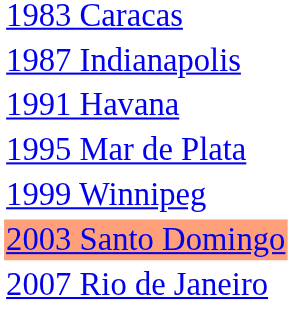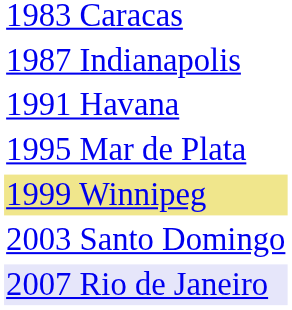 <table>
 <tr>
 <td><a href='#'>1983 Caracas</a></td>
 <td></td>
 <td></td>
 <td></td>
 </tr>
 <tr>
 <td><a href='#'>1987 Indianapolis</a></td>
 <td></td>
 <td></td>
 <td></td>
 </tr>
 <tr>
 <td><a href='#'>1991 Havana</a></td>
 <td></td>
 <td></td>
 <td></td>
 </tr>
 <tr>
 <td><a href='#'>1995 Mar de Plata</a></td>
 <td></td>
 <td></td>
 <td></td>
 </tr>
 <tr>
-<td><a href='#'>1999 Winnipeg</a></td>
+<td style="background: khaki;"><a href='#'>1999 Winnipeg</a></td>
 <td></td>
 <td></td>
 <td></td>
 </tr>
 <tr>
-<td style="background: lightsalmon;"><a href='#'>2003 Santo Domingo</a></td>
+<td><a href='#'>2003 Santo Domingo</a></td>
 <td></td>
 <td></td>
 <td></td>
 </tr>
 <tr>
-<td><a href='#'>2007 Rio de Janeiro</a></td>
+<td style="background: lavender;"><a href='#'>2007 Rio de Janeiro</a></td>
 <td></td>
 <td></td>
 <td></td>
 </tr>
 </table>
